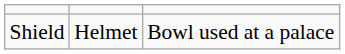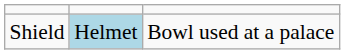 <table Class = "wikitable" style="text-align:center">
 <tr>
 <td></td>
 <td></td>
 <td></td>
 </tr>
 <tr>
 <td>Shield</td>
-<td>Helmet</td>
+<td style="background: lightblue;">Helmet</td>
 <td>Bowl used at a palace</td>
 </tr>
 </table>
